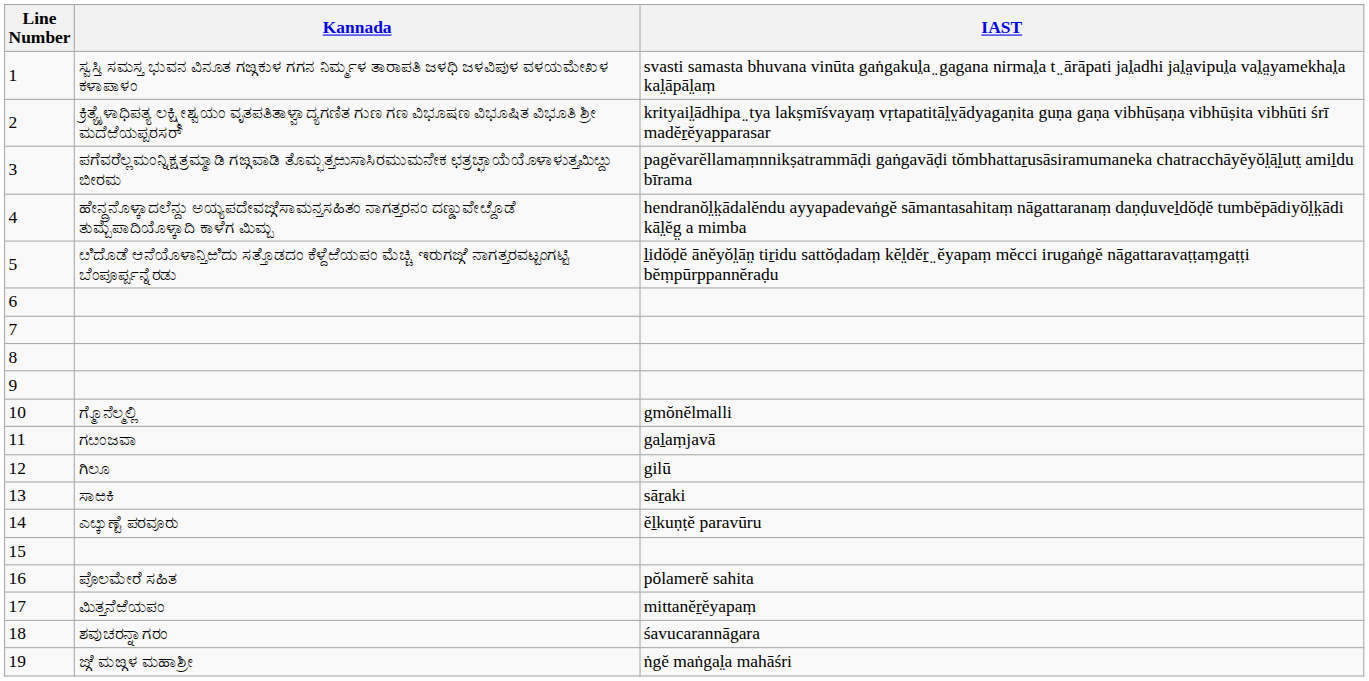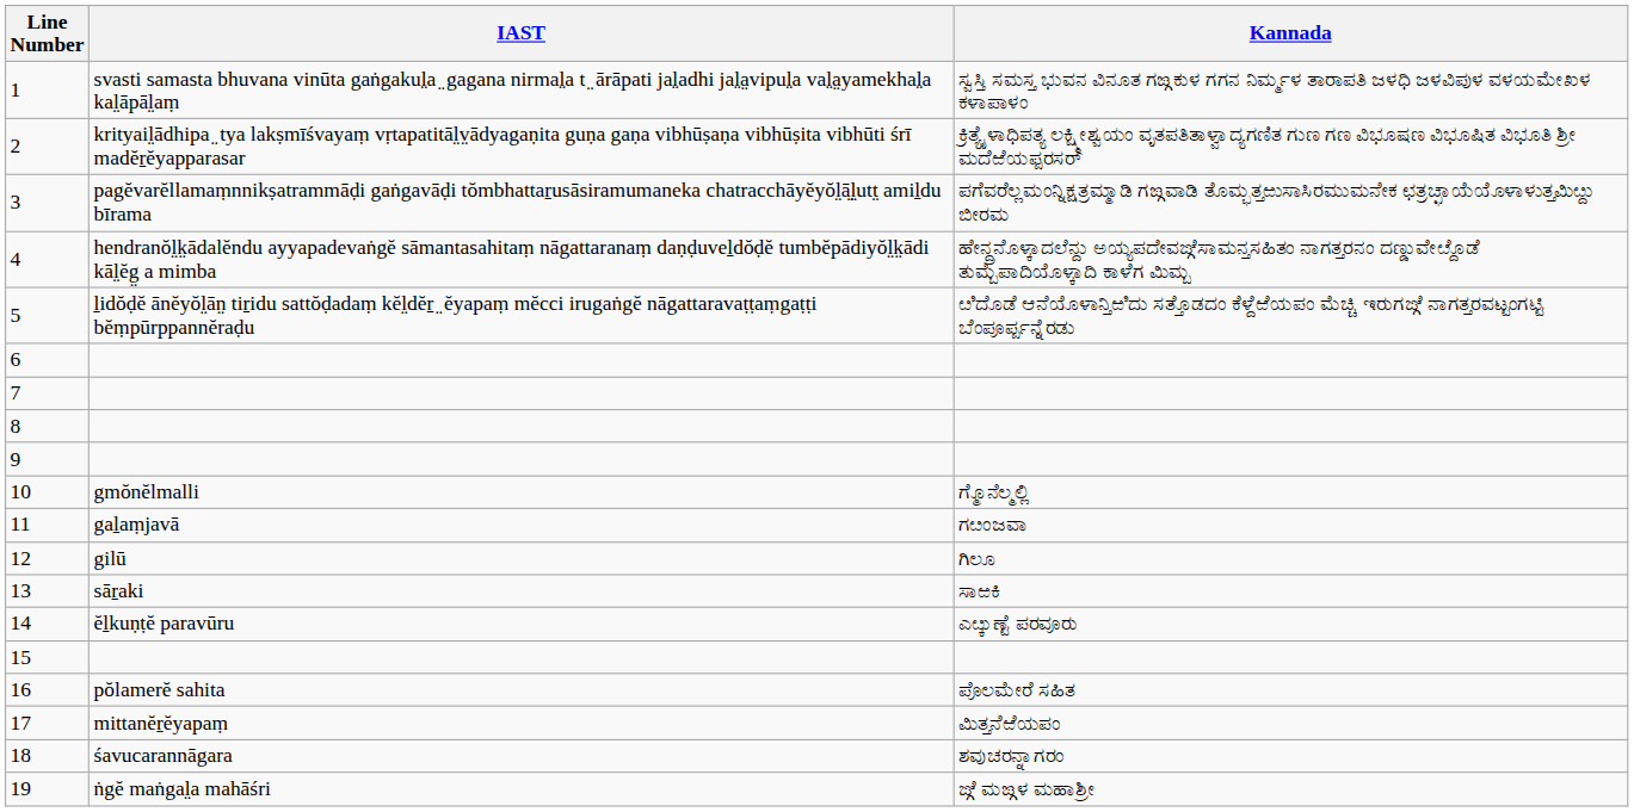 <table class="wikitable">
 <tr>
 <th>Line<br>Number</th>
+<th><a href='#'>IAST</a></th>
 <th><a href='#'>Kannada</a></th>
-<th><a href='#'>IAST</a></th>
 </tr>
 <tr>
 <td>1</td>
+<td>svasti samasta bhuvana vinūta gaṅgakul̤a ̤ gagana nirmal̤a t ̤ ārāpati jal̤adhi jal̤a̤vipul̤a val̤a̤yamekhal̤a kal̤āpāl̤aṃ</td>
 <td>ಸ್ವಸ್ತಿ ಸಮಸ್ತ ಭುವನ ವಿನೂತ ಗಙ್ಗಕುಳ ಗಗನ ನಿರ್ಮ್ಮಳ ತಾರಾಪತಿ ಜಳಧಿ ಜಳವಿಪುಳ ವಳಯಮೇಖಳ ಕಳಾಪಾಳಂ</td>
-<td>svasti samasta bhuvana vinūta gaṅgakul̤a ̤ gagana nirmal̤a t ̤ ārāpati jal̤adhi jal̤a̤vipul̤a val̤a̤yamekhal̤a kal̤āpāl̤aṃ</td>
 </tr>
 <tr>
 <td>2</td>
+<td>krityail̤ādhipa ̤ tya lakṣmīśvayaṃ vṛtapatitāl̤v̤ādyagaṇita guṇa gaṇa vibhūṣaṇa vibhūṣita vibhūti śrī madĕṟĕyapparasar</td>
 <td>ಕ್ರಿತ್ಯೈಳಾಧಿಪತ್ಯ ಲಕ್ಷ್ಮೀಶ್ವಯಂ ವೃತಪತಿತಾಳ್ವಾದ್ಯಗಣಿತ ಗುಣ ಗಣ ವಿಭೂಷಣ ವಿಭೂಷಿತ ವಿಭೂತಿ ಶ್ರೀ ಮದೆಱೆಯಪ್ಪರಸರ್‌</td>
-<td>krityail̤ādhipa ̤ tya lakṣmīśvayaṃ vṛtapatitāl̤v̤ādyagaṇita guṇa gaṇa vibhūṣaṇa vibhūṣita vibhūti śrī madĕṟĕyapparasar</td>
 </tr>
 <tr>
 <td>3</td>
+<td>pagĕvarĕllamaṃnnikṣatrammāḍi gaṅgavāḍi tŏmbhattaṟusāsiramumaneka chatracchāyĕyŏl̤ā̤l̤utt̤ amiḻdu bīrama</td>
 <td>ಪಗೆವರೆಲ್ಲಮಂನ್ನಿಕ್ಷತ್ರಮ್ಮಾಡಿ ಗಙ್ಗವಾಡಿ ತೊಮ್ಭತ್ತಱುಸಾಸಿರಮುಮನೇಕ ಛತ್ರಚ್ಛಾಯೆಯೊಳಾಳುತ್ತಮಿೞ್ದು ಬೀರಮ</td>
-<td>pagĕvarĕllamaṃnnikṣatrammāḍi gaṅgavāḍi tŏmbhattaṟusāsiramumaneka chatracchāyĕyŏl̤ā̤l̤utt̤ amiḻdu bīrama</td>
 </tr>
 <tr>
 <td>4</td>
+<td>hendranŏl̤k̤ādalĕndu ayyapadevaṅgĕ sāmantasahitaṃ nāgattaranaṃ daṇḍuveḻdŏḍĕ tumbĕpādiyŏl̤k̤ādi kāl̤ĕg̤ a mimba</td>
 <td>ಹೇನ್ದ್ರನೊಳ್ಕಾದಲೆನ್ದು ಅಯ್ಯಪದೇವಙ್ಗೆಸಾಮನ್ತಸಹಿತಂ ನಾಗತ್ತರನಂ ದಣ್ಡುವೇೞ್ದೊಡೆ ತುಮ್ಬೆಪಾದಿಯೊಳ್ಕಾದಿ ಕಾಳೆಗ ಮಿಮ್ಬ</td>
-<td>hendranŏl̤k̤ādalĕndu ayyapadevaṅgĕ sāmantasahitaṃ nāgattaranaṃ daṇḍuveḻdŏḍĕ tumbĕpādiyŏl̤k̤ādi kāl̤ĕg̤ a mimba</td>
 </tr>
 <tr>
 <td>5</td>
+<td>ḻidŏḍĕ ānĕyŏl̤ān̤ tiṟidu sattŏḍadaṃ kĕl̤dĕṟ ̤ ĕyapaṃ mĕcci irugaṅgĕ nāgattaravaṭṭaṃgaṭṭi bĕṃpūrppannĕraḍu</td>
 <td>ೞಿದೊಡೆ ಆನೆಯೊಳಾನ್ತಿಱಿದು ಸತ್ತೊಡದಂ ಕೆಳ್ದೆಱೆಯಪಂ ಮೆಚ್ಚಿ ಇರುಗಙ್ಗೆ ನಾಗತ್ತರವಟ್ಟಂಗಟ್ಟಿ ಬೆಂಪೂರ್ಪ್ಪನ್ನೆರಡು</td>
-<td>ḻidŏḍĕ ānĕyŏl̤ān̤ tiṟidu sattŏḍadaṃ kĕl̤dĕṟ ̤ ĕyapaṃ mĕcci irugaṅgĕ nāgattaravaṭṭaṃgaṭṭi bĕṃpūrppannĕraḍu</td>
 </tr>
 <tr>
 <td>6</td>
 <td></td>
 <td></td>
 </tr>
 <tr>
 <td>7</td>
 <td></td>
 <td></td>
 </tr>
 <tr>
 <td>8</td>
 <td></td>
 <td></td>
 </tr>
 <tr>
 <td>9</td>
 <td></td>
 <td></td>
 </tr>
 <tr>
 <td>10</td>
+<td>gmŏnĕlmalli</td>
 <td>ಗ್ಮೊನೆಲ್ಮಲ್ಲಿ</td>
-<td>gmŏnĕlmalli</td>
 </tr>
 <tr>
 <td>11</td>
+<td>gaḻaṃjavā</td>
 <td>ಗೞಂಜವಾ</td>
-<td>gaḻaṃjavā</td>
 </tr>
 <tr>
 <td>12</td>
+<td>gilū</td>
 <td>ಗಿಲೂ</td>
-<td>gilū</td>
 </tr>
 <tr>
 <td>13</td>
+<td>sāṟaki</td>
 <td>ಸಾಱಕಿ</td>
-<td>sāṟaki</td>
 </tr>
 <tr>
 <td>14</td>
+<td>ĕḻkuṇṭĕ paravūru</td>
 <td>ಎೞ್ಕುಣ್ಟೆ ಪರವೂರು</td>
-<td>ĕḻkuṇṭĕ paravūru</td>
 </tr>
 <tr>
 <td>15</td>
 <td></td>
 <td></td>
 </tr>
 <tr>
 <td>16</td>
+<td>pŏlamerĕ sahita</td>
 <td>ಪೊಲಮೇರೆ ಸಹಿತ</td>
-<td>pŏlamerĕ sahita</td>
 </tr>
 <tr>
 <td>17</td>
+<td>mittanĕṟĕyapaṃ</td>
 <td>ಮಿತ್ತನೆಱೆಯಪಂ</td>
-<td>mittanĕṟĕyapaṃ</td>
 </tr>
 <tr>
 <td>18</td>
+<td>śavucarannāgara</td>
 <td>ಶವುಚರನ್ನಾಗರಂ</td>
-<td>śavucarannāgara</td>
 </tr>
 <tr>
 <td>19</td>
+<td>ṅgĕ maṅgal̤a mahāśri</td>
 <td>ಙ್ಗೆ ಮಙ್ಗಳ ಮಹಾಶ್ರೀ</td>
-<td>ṅgĕ maṅgal̤a mahāśri</td>
 </tr>
 </table>
